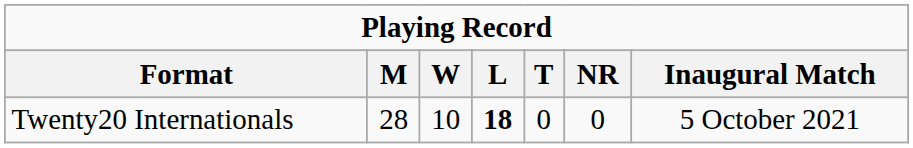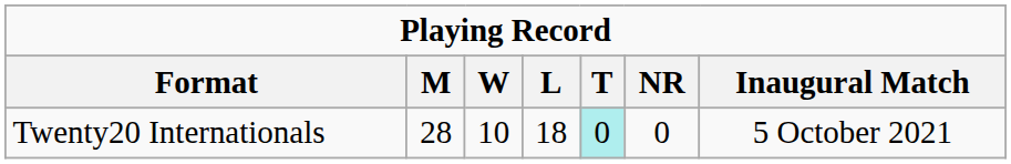 <table class="wikitable" style="text-align: center; width: 500px;">
 <tr>
 <td colspan=7 align="center"><strong>Playing Record</strong></td>
 </tr>
 <tr>
 <th>Format</th>
 <th>M</th>
 <th>W</th>
 <th>L</th>
 <th>T</th>
 <th>NR</th>
 <th>Inaugural Match</th>
 </tr>
 <tr>
 <td align="left">Twenty20 Internationals</td>
 <td>28</td>
 <td>10</td>
-<td><strong>18</strong></td>
-<td>0</td>
+<td>18</td>
+<td style="background: paleturquoise;">0</td>
 <td>0</td>
 <td>5 October 2021</td>
 </tr>
 </table>
